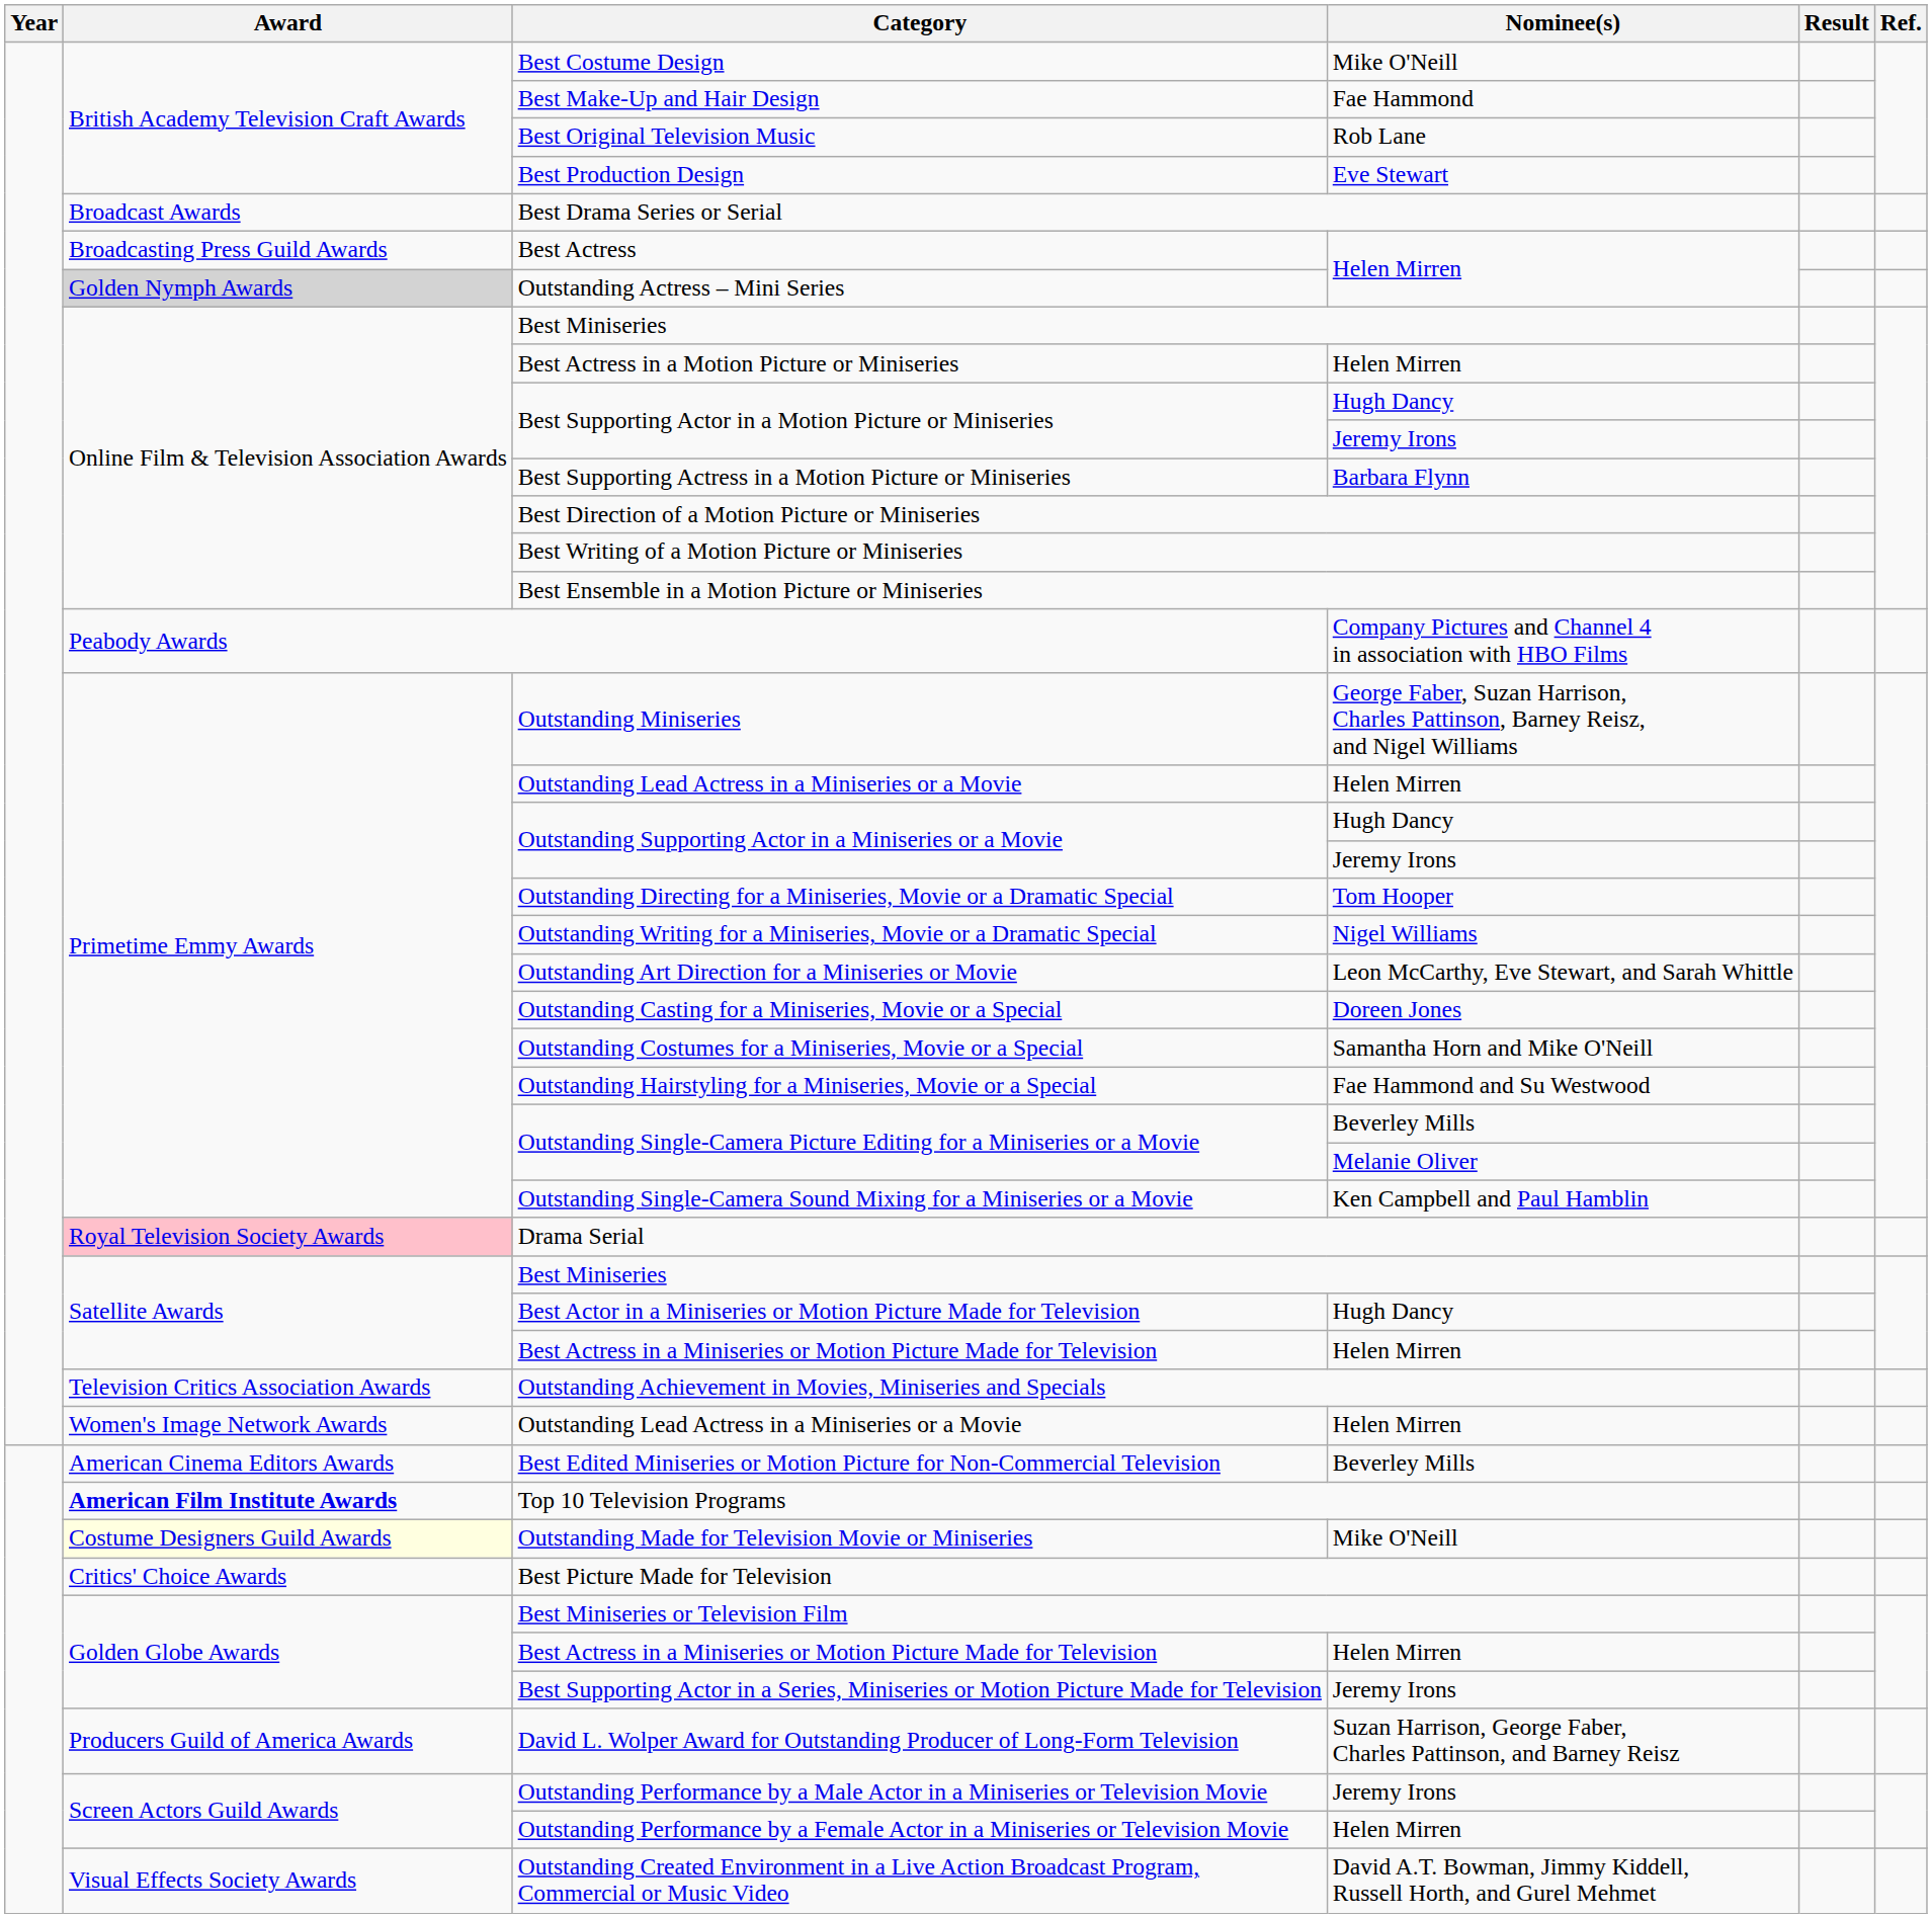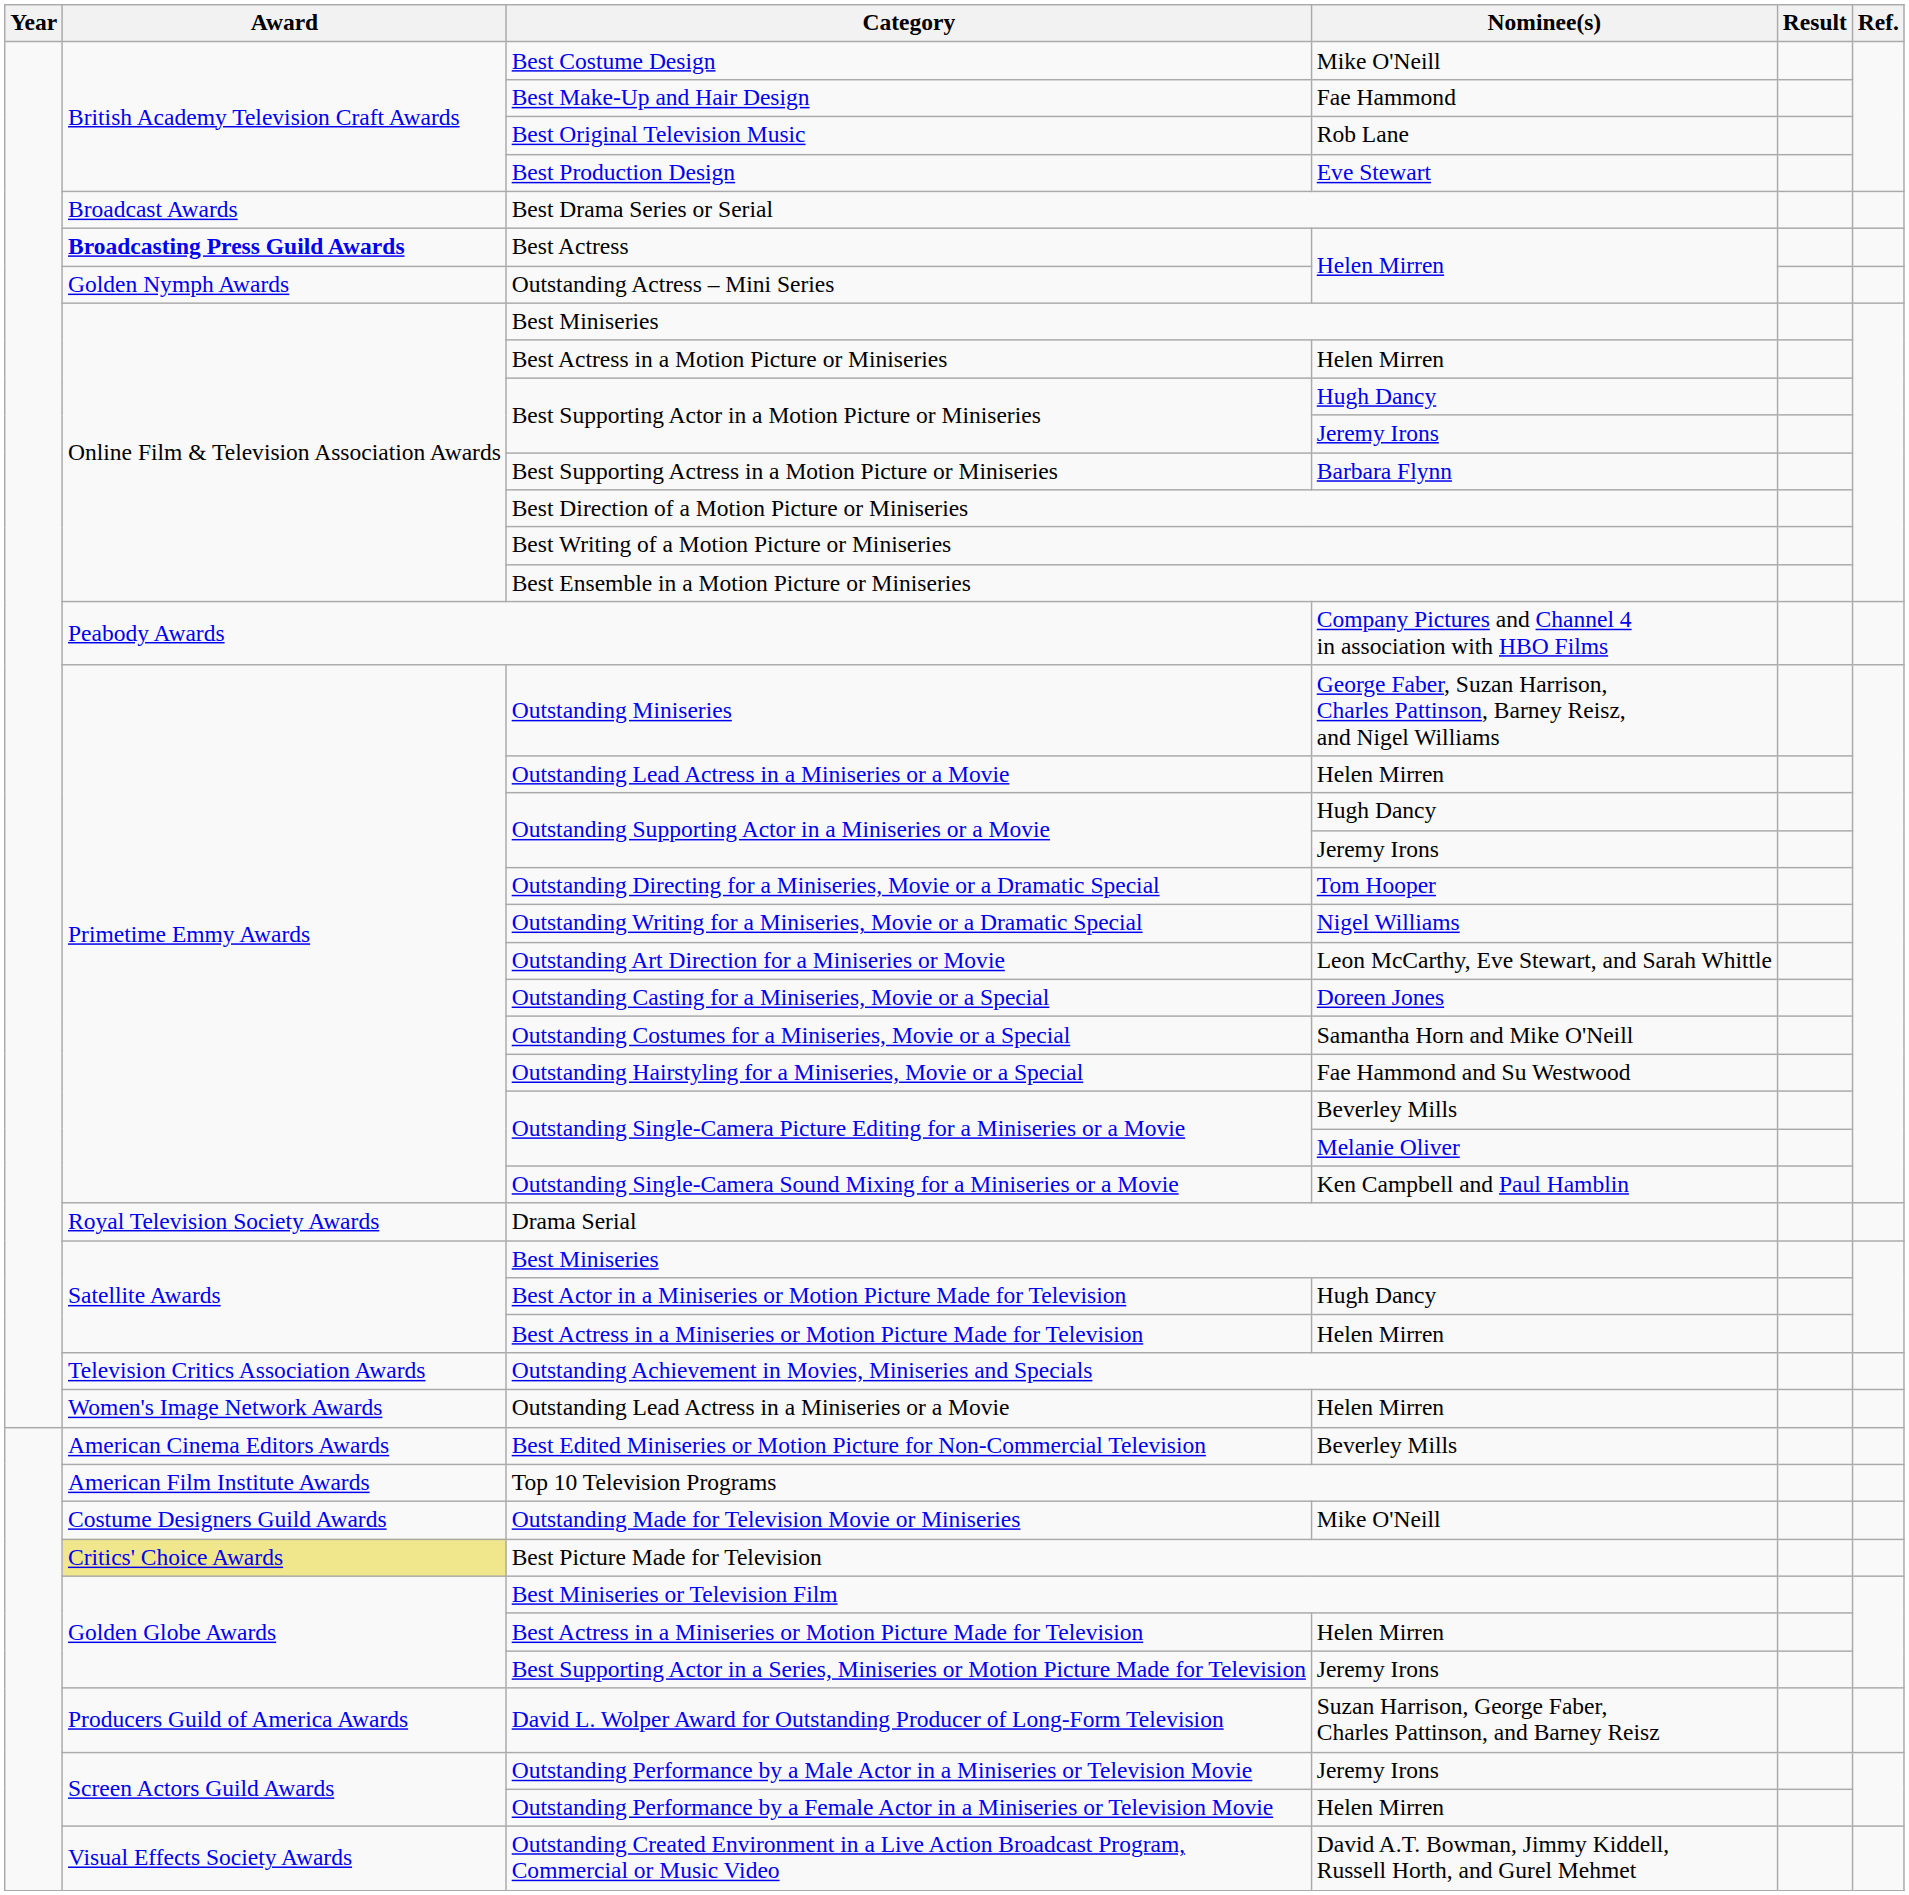 <table class="wikitable sortable">
 <tr>
 <th>Year</th>
 <th>Award</th>
 <th>Category</th>
 <th>Nominee(s)</th>
 <th>Result</th>
 <th>Ref.</th>
 </tr>
 <tr>
 <td rowspan="35"></td>
 <td rowspan="4"><a href='#'>British Academy Television Craft Awards</a></td>
 <td><a href='#'>Best Costume Design</a></td>
 <td>Mike O'Neill</td>
 <td></td>
 <td align="center" rowspan="4"></td>
 </tr>
 <tr>
 <td><a href='#'>Best Make-Up and Hair Design</a></td>
 <td>Fae Hammond</td>
 <td></td>
 </tr>
 <tr>
 <td><a href='#'>Best Original Television Music</a></td>
 <td>Rob Lane</td>
 <td></td>
 </tr>
 <tr>
 <td><a href='#'>Best Production Design</a></td>
 <td><a href='#'>Eve Stewart</a></td>
 <td></td>
 </tr>
 <tr>
 <td><a href='#'>Broadcast Awards</a></td>
 <td colspan="2">Best Drama Series or Serial</td>
 <td></td>
 <td align="center"></td>
 </tr>
 <tr>
-<td><a href='#'>Broadcasting Press Guild Awards</a></td>
+<td><strong><a href='#'>Broadcasting Press Guild Awards</a></strong></td>
 <td>Best Actress</td>
 <td rowspan="2"><a href='#'>Helen Mirren</a></td>
 <td></td>
 <td align="center"></td>
 </tr>
 <tr>
-<td style="background: lightgrey;"><a href='#'>Golden Nymph Awards</a></td>
+<td><a href='#'>Golden Nymph Awards</a></td>
 <td>Outstanding Actress – Mini Series</td>
 <td></td>
 <td align="center"></td>
 </tr>
 <tr>
 <td rowspan="8">Online Film & Television Association Awards</td>
 <td colspan="2">Best Miniseries</td>
 <td></td>
 <td align="center" rowspan="8"></td>
 </tr>
 <tr>
 <td>Best Actress in a Motion Picture or Miniseries</td>
 <td>Helen Mirren</td>
 <td></td>
 </tr>
 <tr>
 <td rowspan="2">Best Supporting Actor in a Motion Picture or Miniseries</td>
 <td><a href='#'>Hugh Dancy</a></td>
 <td></td>
 </tr>
 <tr>
 <td><a href='#'>Jeremy Irons</a></td>
 <td></td>
 </tr>
 <tr>
 <td>Best Supporting Actress in a Motion Picture or Miniseries</td>
 <td><a href='#'>Barbara Flynn</a></td>
 <td></td>
 </tr>
 <tr>
 <td colspan="2">Best Direction of a Motion Picture or Miniseries</td>
 <td></td>
 </tr>
 <tr>
 <td colspan="2">Best Writing of a Motion Picture or Miniseries</td>
 <td></td>
 </tr>
 <tr>
 <td colspan="2">Best Ensemble in a Motion Picture or Miniseries</td>
 <td></td>
 </tr>
 <tr>
 <td colspan="2"><a href='#'>Peabody Awards</a></td>
 <td><a href='#'>Company Pictures</a> and <a href='#'>Channel 4</a> <br> in association with <a href='#'>HBO Films</a></td>
 <td></td>
 <td align="center"></td>
 </tr>
 <tr>
 <td rowspan="13"><a href='#'>Primetime Emmy Awards</a></td>
 <td><a href='#'>Outstanding Miniseries</a></td>
 <td><a href='#'>George Faber</a>, Suzan Harrison, <br> <a href='#'>Charles Pattinson</a>, Barney Reisz, <br> and Nigel Williams</td>
 <td></td>
 <td align="center" rowspan="13"></td>
 </tr>
 <tr>
 <td><a href='#'>Outstanding Lead Actress in a Miniseries or a Movie</a></td>
 <td>Helen Mirren</td>
 <td></td>
 </tr>
 <tr>
 <td rowspan="2"><a href='#'>Outstanding Supporting Actor in a Miniseries or a Movie</a></td>
 <td>Hugh Dancy</td>
 <td></td>
 </tr>
 <tr>
 <td>Jeremy Irons</td>
 <td></td>
 </tr>
 <tr>
 <td><a href='#'>Outstanding Directing for a Miniseries, Movie or a Dramatic Special</a></td>
 <td><a href='#'>Tom Hooper</a></td>
 <td></td>
 </tr>
 <tr>
 <td><a href='#'>Outstanding Writing for a Miniseries, Movie or a Dramatic Special</a></td>
 <td><a href='#'>Nigel Williams</a></td>
 <td></td>
 </tr>
 <tr>
 <td><a href='#'>Outstanding Art Direction for a Miniseries or Movie</a></td>
 <td>Leon McCarthy, Eve Stewart, and Sarah Whittle</td>
 <td></td>
 </tr>
 <tr>
 <td><a href='#'>Outstanding Casting for a Miniseries, Movie or a Special</a></td>
 <td><a href='#'>Doreen Jones</a></td>
 <td></td>
 </tr>
 <tr>
 <td><a href='#'>Outstanding Costumes for a Miniseries, Movie or a Special</a></td>
 <td>Samantha Horn and Mike O'Neill </td>
 <td></td>
 </tr>
 <tr>
 <td><a href='#'>Outstanding Hairstyling for a Miniseries, Movie or a Special</a></td>
 <td>Fae Hammond and Su Westwood </td>
 <td></td>
 </tr>
 <tr>
 <td rowspan="2"><a href='#'>Outstanding Single-Camera Picture Editing for a Miniseries or a Movie</a></td>
 <td>Beverley Mills </td>
 <td></td>
 </tr>
 <tr>
 <td><a href='#'>Melanie Oliver</a> </td>
 <td></td>
 </tr>
 <tr>
 <td><a href='#'>Outstanding Single-Camera Sound Mixing for a Miniseries or a Movie</a></td>
 <td>Ken Campbell and <a href='#'>Paul Hamblin</a> </td>
 <td></td>
 </tr>
 <tr>
-<td style="background: pink;"><a href='#'>Royal Television Society Awards</a></td>
+<td><a href='#'>Royal Television Society Awards</a></td>
 <td colspan="2">Drama Serial</td>
 <td></td>
 <td align="center"></td>
 </tr>
 <tr>
 <td rowspan="3"><a href='#'>Satellite Awards</a></td>
 <td colspan="2"><a href='#'>Best Miniseries</a></td>
 <td></td>
 <td align="center" rowspan="3"></td>
 </tr>
 <tr>
 <td><a href='#'>Best Actor in a Miniseries or Motion Picture Made for Television</a></td>
 <td>Hugh Dancy</td>
 <td></td>
 </tr>
 <tr>
 <td><a href='#'>Best Actress in a Miniseries or Motion Picture Made for Television</a></td>
 <td>Helen Mirren</td>
 <td></td>
 </tr>
 <tr>
 <td><a href='#'>Television Critics Association Awards</a></td>
 <td colspan="2"><a href='#'>Outstanding Achievement in Movies, Miniseries and Specials</a></td>
 <td></td>
 <td align="center"></td>
 </tr>
 <tr>
 <td><a href='#'>Women's Image Network Awards</a></td>
 <td>Outstanding Lead Actress in a Miniseries or a Movie</td>
 <td>Helen Mirren</td>
 <td></td>
 <td align="center"></td>
 </tr>
 <tr>
 <td rowspan="11"></td>
 <td><a href='#'>American Cinema Editors Awards</a></td>
 <td><a href='#'>Best Edited Miniseries or Motion Picture for Non-Commercial Television</a></td>
 <td>Beverley Mills </td>
 <td></td>
 <td align="center"></td>
 </tr>
 <tr>
-<td><strong><a href='#'>American Film Institute Awards</a></strong></td>
+<td><a href='#'>American Film Institute Awards</a></td>
 <td colspan="2">Top 10 Television Programs</td>
 <td></td>
 <td align="center"></td>
 </tr>
 <tr>
-<td style="background: lightyellow;"><a href='#'>Costume Designers Guild Awards</a></td>
+<td><a href='#'>Costume Designers Guild Awards</a></td>
 <td><a href='#'>Outstanding Made for Television Movie or Miniseries</a></td>
 <td>Mike O'Neill</td>
 <td></td>
 <td align="center"></td>
 </tr>
 <tr>
-<td><a href='#'>Critics' Choice Awards</a></td>
+<td style="background: khaki;"><a href='#'>Critics' Choice Awards</a></td>
 <td colspan="2">Best Picture Made for Television</td>
 <td></td>
 <td align="center"></td>
 </tr>
 <tr>
 <td rowspan="3"><a href='#'>Golden Globe Awards</a></td>
 <td colspan="2"><a href='#'>Best Miniseries or Television Film</a></td>
 <td></td>
 <td align="center" rowspan="3"></td>
 </tr>
 <tr>
 <td><a href='#'>Best Actress in a Miniseries or Motion Picture Made for Television</a></td>
 <td>Helen Mirren</td>
 <td></td>
 </tr>
 <tr>
 <td><a href='#'>Best Supporting Actor in a Series, Miniseries or Motion Picture Made for Television</a></td>
 <td>Jeremy Irons</td>
 <td></td>
 </tr>
 <tr>
 <td><a href='#'>Producers Guild of America Awards</a></td>
 <td><a href='#'>David L. Wolper Award for Outstanding Producer of Long-Form Television</a></td>
 <td>Suzan Harrison, George Faber, <br> Charles Pattinson, and Barney Reisz</td>
 <td></td>
 <td align="center"></td>
 </tr>
 <tr>
 <td rowspan="2"><a href='#'>Screen Actors Guild Awards</a></td>
 <td><a href='#'>Outstanding Performance by a Male Actor in a Miniseries or Television Movie</a></td>
 <td>Jeremy Irons</td>
 <td></td>
 <td align="center" rowspan="2"></td>
 </tr>
 <tr>
 <td><a href='#'>Outstanding Performance by a Female Actor in a Miniseries or Television Movie</a></td>
 <td>Helen Mirren</td>
 <td></td>
 </tr>
 <tr>
 <td><a href='#'>Visual Effects Society Awards</a></td>
 <td><a href='#'>Outstanding Created Environment in a Live Action Broadcast Program, <br> Commercial or Music Video</a></td>
 <td>David A.T. Bowman, Jimmy Kiddell, <br> Russell Horth, and Gurel Mehmet </td>
 <td></td>
 <td align="center"></td>
 </tr>
 </table>
